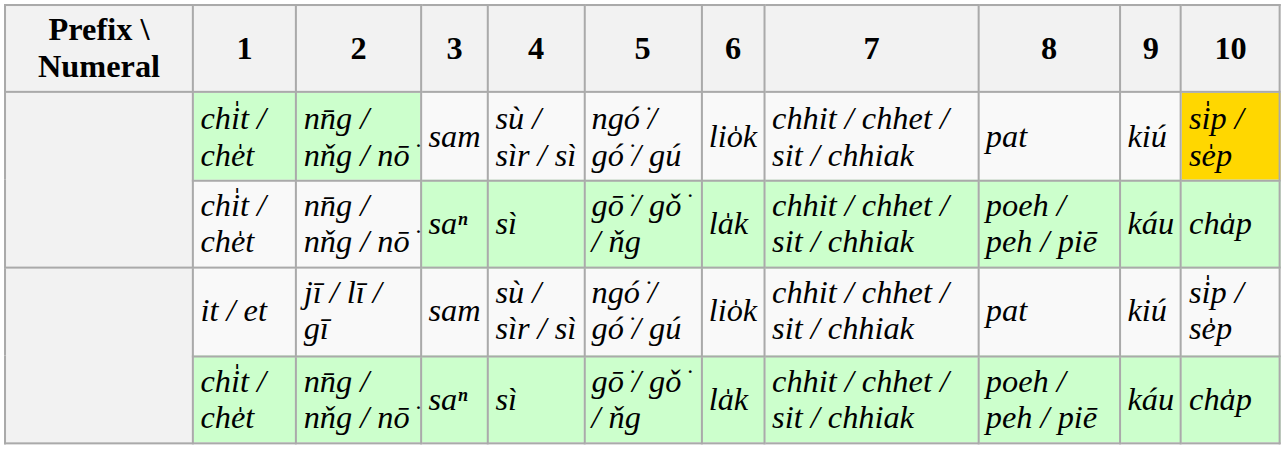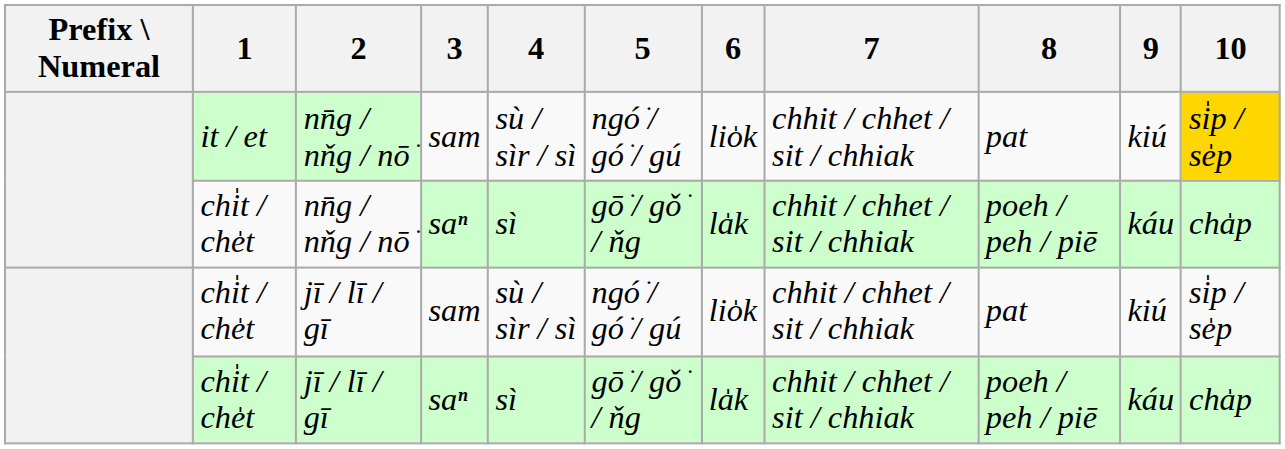 <table class="wikitable" style="width:50%;" border="1">
 <tr>
 <th>Prefix \ Numeral</th>
 <th>1</th>
 <th>2</th>
 <th>3</th>
 <th>4</th>
 <th>5</th>
 <th>6</th>
 <th>7</th>
 <th>8</th>
 <th>9</th>
 <th>10</th>
 </tr>
 <tr>
 <th rowspan=2></th>
-<td style="background: #CFC;"><em>chi̍t / che̍t</em></td>
+<td style="background: #CFC;"><em>it / et</em></td>
 <td style="background: #CFC;"><em>nn̄g / nňg / nō͘</em></td>
 <td><em>sam</em></td>
 <td><em>sù / sìr / sì</em></td>
 <td><em>ngó͘ / gó͘ / gú</em></td>
 <td><em>lio̍k</em></td>
 <td><em>chhit / chhet / sit / chhiak</em></td>
 <td><em>pat</em></td>
 <td><em>kiú</em></td>
 <td style="background: gold;"><em>si̍p / se̍p</em></td>
 </tr>
 <tr>
 <td><em>chi̍t / che̍t</em></td>
 <td><em>nn̄g / nňg / nō͘</em></td>
 <td style="background: #CFC;"><em>saⁿ</em></td>
 <td style="background: #CFC;"><em>sì</em></td>
 <td style="background: #CFC;"><em>gō͘ / gǒ͘ / ňg</em></td>
 <td style="background: #CFC;"><em>la̍k</em></td>
 <td style="background: #CFC;"><em>chhit / chhet / sit / chhiak</em></td>
 <td style="background: #CFC;"><em>poeh / peh / piē</em></td>
 <td style="background: #CFC;"><em>káu</em></td>
 <td style="background: #CFC;"><em>cha̍p</em></td>
 </tr>
 <tr>
 <th rowspan=2></th>
-<td><em>it / et</em></td>
+<td><em>chi̍t / che̍t</em></td>
 <td><em>jī / lī / gī</em></td>
 <td><em>sam</em></td>
 <td><em>sù / sìr / sì</em></td>
 <td><em>ngó͘ / gó͘ / gú</em></td>
 <td><em>lio̍k</em></td>
 <td><em>chhit / chhet / sit / chhiak</em></td>
 <td><em>pat</em></td>
 <td><em>kiú</em></td>
 <td><em>si̍p / se̍p</em></td>
 </tr>
 <tr>
 <td style="background: #CFC;"><em>chi̍t / che̍t</em></td>
-<td style="background: #CFC;"><em>nn̄g / nňg / nō͘</em></td>
+<td style="background: #CFC;"><em>jī / lī / gī</em></td>
 <td style="background: #CFC;"><em>saⁿ</em></td>
 <td style="background: #CFC;"><em>sì</em></td>
 <td style="background: #CFC;"><em>gō͘ / gǒ͘ / ňg</em></td>
 <td style="background: #CFC;"><em>la̍k</em></td>
 <td style="background: #CFC;"><em>chhit / chhet / sit / chhiak</em></td>
 <td style="background: #CFC;"><em>poeh / peh / piē</em></td>
 <td style="background: #CFC;"><em>káu</em></td>
 <td style="background: #CFC;"><em>cha̍p</em></td>
 </tr>
 </table>
